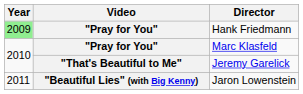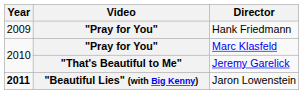 <table class="wikitable plainrowheaders">
 <tr>
 <th>Year</th>
 <th style="width:16em;">Video</th>
 <th>Director</th>
 </tr>
 <tr>
-<td style="background: lightgreen;">2009</td>
+<td>2009</td>
 <th scope="row">"Pray for You"</th>
 <td>Hank Friedmann</td>
 </tr>
 <tr>
 <td rowspan="2">2010</td>
 <th scope="row">"Pray for You"</th>
 <td><a href='#'>Marc Klasfeld</a></td>
 </tr>
 <tr>
 <th scope="row">"That's Beautiful to Me"</th>
 <td><a href='#'>Jeremy Garelick</a></td>
 </tr>
 <tr>
-<td>2011</td>
+<td><strong>2011</strong></td>
 <th scope="row">"Beautiful Lies" <small>(with <a href='#'>Big Kenny</a>)</small></th>
 <td>Jaron Lowenstein</td>
 </tr>
 </table>
